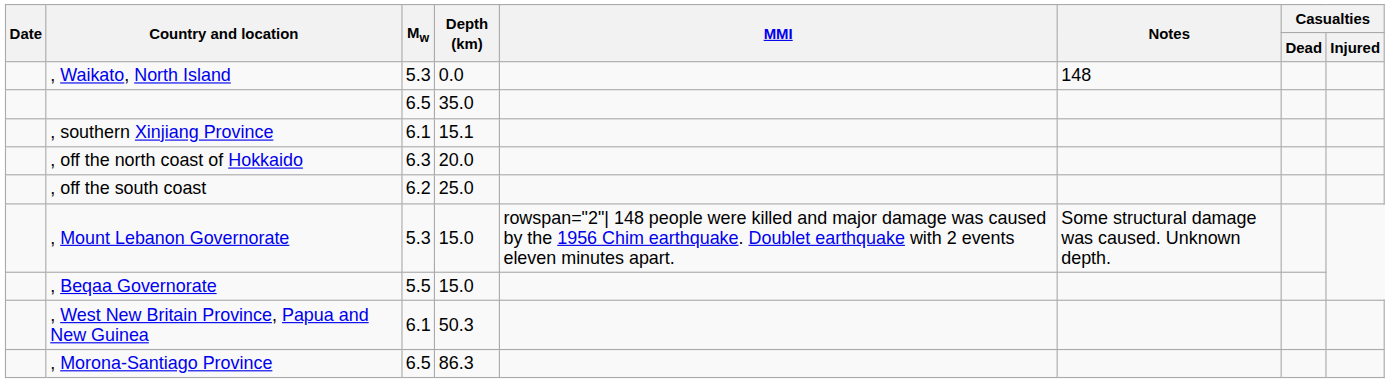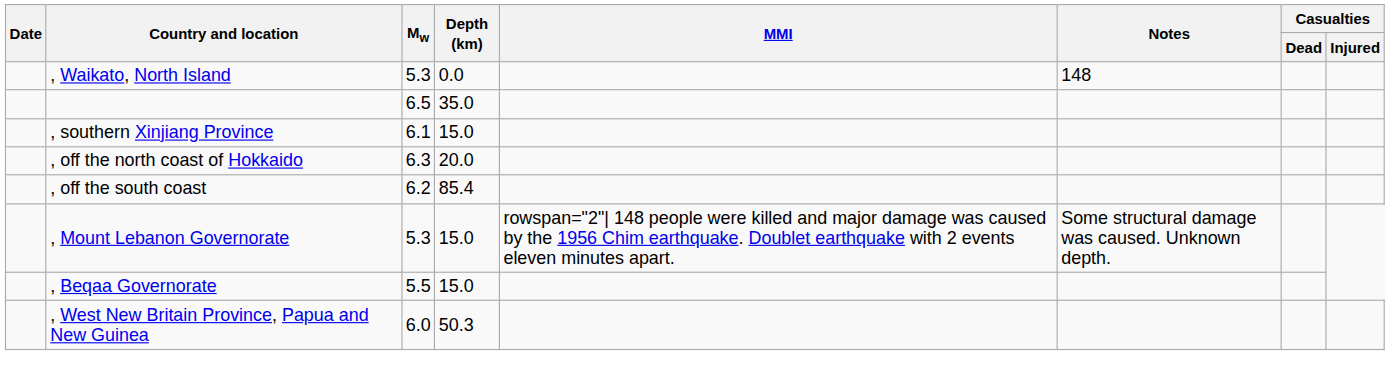 <table class="wikitable sortable sort-under" style="border:1px black; margin-left:1em;">
 <tr>
 <th rowspan="2"><small>Date</small></th>
 <th rowspan="2" style="width: 310px"><small>Country and location</small></th>
 <th rowspan="2"><small>M<sub>w</sub></small></th>
 <th rowspan="2"><small>Depth (km)</small></th>
 <th rowspan="2"><small><a href='#'>MMI</a></small></th>
 <th rowspan="2" class="unsortable"><small>Notes</small></th>
 <th colspan="2"><small>Casualties</small></th>
 </tr>
 <tr>
 <th><small>Dead</small></th>
 <th><small>Injured</small></th>
 </tr>
 <tr>
 <td></td>
 <td>, <a href='#'>Waikato</a>, <a href='#'>North Island</a></td>
 <td>5.3</td>
 <td>0.0</td>
 <td></td>
 <td>148</td>
 <td></td>
 <td></td>
 </tr>
 <tr>
 <td></td>
 <td></td>
 <td>6.5</td>
 <td>35.0</td>
 <td></td>
 <td></td>
 <td></td>
 <td></td>
 </tr>
 <tr>
 <td></td>
 <td>, southern <a href='#'>Xinjiang Province</a></td>
 <td>6.1</td>
-<td>15.1</td>
+<td>15.0</td>
 <td></td>
 <td></td>
 <td></td>
 <td></td>
 </tr>
 <tr>
 <td></td>
 <td>, off the north coast of <a href='#'>Hokkaido</a></td>
 <td>6.3</td>
 <td>20.0</td>
 <td></td>
 <td></td>
 <td></td>
 <td></td>
 </tr>
 <tr>
 <td></td>
 <td>, off the south coast</td>
 <td>6.2</td>
-<td>25.0</td>
+<td>85.4</td>
 <td></td>
 <td></td>
 <td></td>
 <td></td>
 </tr>
 <tr>
 <td></td>
 <td>, <a href='#'>Mount Lebanon Governorate</a></td>
 <td>5.3</td>
 <td>15.0</td>
 <td>rowspan="2"| 148 people were killed and major damage was caused by the <a href='#'>1956 Chim earthquake</a>. <a href='#'>Doublet earthquake</a> with 2 events eleven minutes apart.</td>
 <td>Some structural damage was caused. Unknown depth.</td>
 <td></td>
 </tr>
 <tr>
 <td></td>
 <td>, <a href='#'>Beqaa Governorate</a></td>
 <td>5.5</td>
 <td>15.0</td>
 <td></td>
 <td></td>
 <td></td>
 </tr>
 <tr>
 <td></td>
 <td>, <a href='#'>West New Britain Province</a>, <a href='#'>Papua and New Guinea</a></td>
-<td>6.1</td>
+<td>6.0</td>
 <td>50.3</td>
 <td></td>
 <td></td>
 <td></td>
 <td></td>
 </tr>
-<tr>
-<td></td>
-<td>, <a href='#'>Morona-Santiago Province</a></td>
-<td>6.5</td>
-<td>86.3</td>
-<td></td>
-<td></td>
-<td></td>
-<td></td>
-</tr>
 </table>
